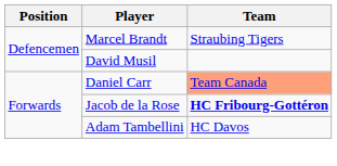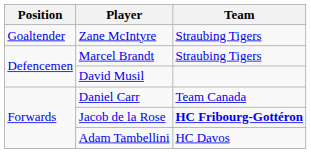 <table class="wikitable">
 <tr>
 <th>Position</th>
 <th>Player</th>
 <th>Team</th>
+</tr>
+<tr>
+<td><a href='#'>Goaltender</a></td>
+<td> <a href='#'>Zane McIntyre</a></td>
+<td> <a href='#'>Straubing Tigers</a></td>
 </tr>
 <tr>
 <td rowspan="2"><a href='#'>Defencemen</a></td>
 <td> <a href='#'>Marcel Brandt</a></td>
 <td> <a href='#'>Straubing Tigers</a></td>
 </tr>
 <tr>
 <td> <a href='#'>David Musil</a></td>
 <td></td>
 </tr>
 <tr>
 <td rowspan="3"><a href='#'>Forwards</a></td>
 <td> <a href='#'>Daniel Carr</a></td>
-<td style="background: lightsalmon;"> <a href='#'>Team Canada</a></td>
+<td> <a href='#'>Team Canada</a></td>
 </tr>
 <tr>
 <td> <a href='#'>Jacob de la Rose</a></td>
 <td><strong> <a href='#'>HC Fribourg-Gottéron</a></strong></td>
 </tr>
 <tr>
 <td> <a href='#'>Adam Tambellini</a></td>
 <td> <a href='#'>HC Davos</a></td>
 </tr>
 </table>
